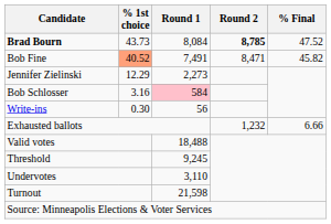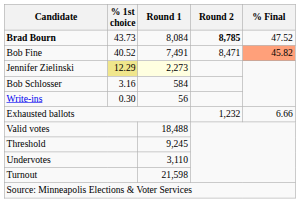 <table class="wikitable">
 <tr>
 <th style="width:165px">Candidate</th>
 <th>% 1st<br>choice</th>
 <th style="width:80px">Round 1</th>
 <th style="width:80px">Round 2</th>
 <th style="width:80px">% Final</th>
 </tr>
 <tr>
 <td><strong>Brad Bourn</strong></td>
 <td align="right">43.73</td>
 <td align="right">8,084</td>
 <td align="right"><strong>8,785</strong></td>
 <td align="right">47.52</td>
 </tr>
 <tr>
 <td>Bob Fine</td>
-<td align="right" style="background: lightsalmon;">40.52</td>
+<td align="right">40.52</td>
 <td align="right">7,491</td>
 <td align="right">8,471</td>
-<td align="right">45.82</td>
+<td align="right" style="background: lightsalmon;">45.82</td>
 </tr>
 <tr>
 <td>Jennifer Zielinski</td>
-<td align="right">12.29</td>
-<td align="right">2,273</td>
+<td align="right" style="background: khaki;">12.29</td>
+<td align="right" style="background: lightyellow;">2,273</td>
 <td></td>
 <td rowspan="3"></td>
 </tr>
 <tr>
 <td>Bob Schlosser</td>
 <td align="right">3.16</td>
-<td align="right" style="background: pink;">584</td>
+<td align="right">584</td>
 <td></td>
 </tr>
 <tr>
 <td><a href='#'>Write-ins</a></td>
 <td align="right">0.30</td>
 <td align="right">56</td>
 <td></td>
 </tr>
 <tr>
 <td colspan="3">Exhausted ballots</td>
 <td align="right">1,232</td>
 <td align="right">6.66</td>
 </tr>
 <tr>
 <td colspan="2">Valid votes</td>
 <td align="right">18,488</td>
 <td colspan="2" rowspan="4"></td>
 </tr>
 <tr>
 <td colspan="2">Threshold</td>
 <td align="right">9,245</td>
 </tr>
 <tr>
 <td colspan="2">Undervotes</td>
 <td align="right">3,110</td>
 </tr>
 <tr>
 <td colspan="2">Turnout</td>
 <td align="right">21,598</td>
 </tr>
 <tr>
 <td colspan="5">Source: Minneapolis Elections & Voter Services</td>
 </tr>
 </table>
